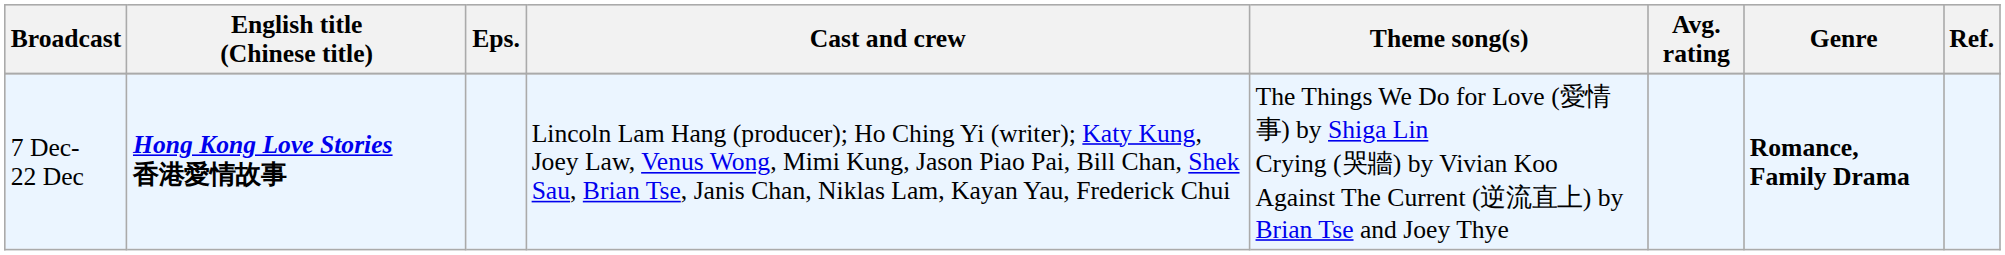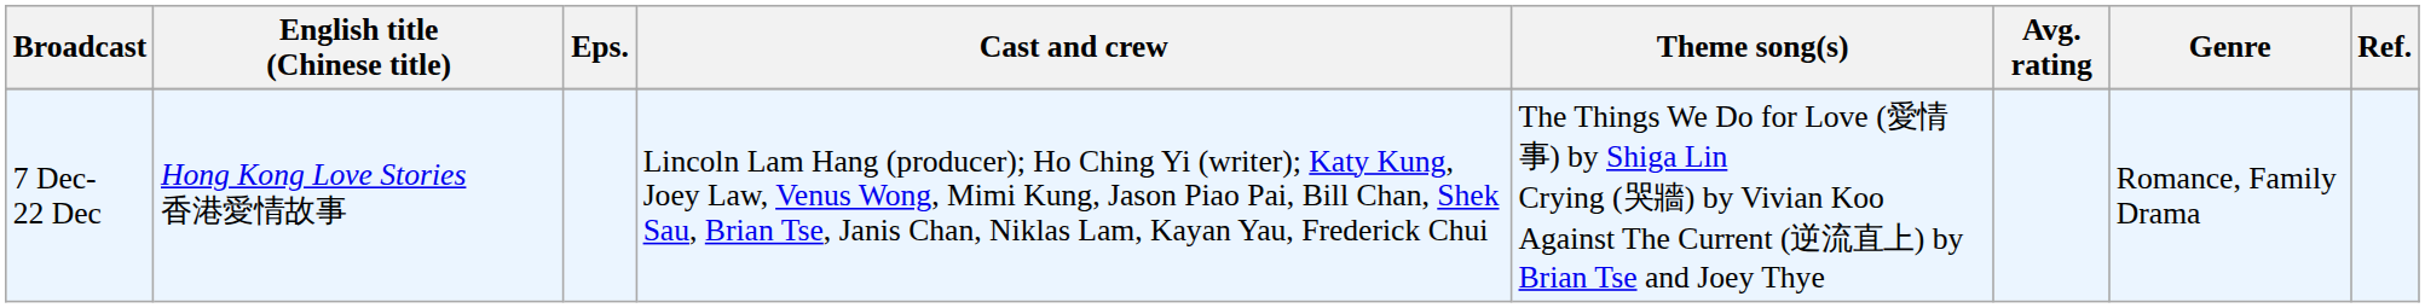 <table class="wikitable sortable">
 <tr>
 <th>Broadcast</th>
 <th style="width:17%;">English title <br> (Chinese title)</th>
 <th>Eps.</th>
 <th>Cast and crew</th>
 <th style="width:20%;">Theme song(s)</th>
 <th>Avg. rating</th>
 <th style="width:10%;">Genre</th>
 <th>Ref.</th>
 </tr>
 <tr>
 </tr>
 <tr --- bgcolor="#ebf5ff">
 <td>7 Dec-<br>22 Dec</td>
-<td><strong><em><a href='#'>Hong Kong Love Stories</a></em> <br>香港愛情故事</strong></td>
+<td><em><a href='#'>Hong Kong Love Stories</a></em> <br>香港愛情故事</td>
 <td></td>
 <td>Lincoln Lam Hang (producer); Ho Ching Yi (writer); <a href='#'>Katy Kung</a>, Joey Law, <a href='#'>Venus Wong</a>, Mimi Kung, Jason Piao Pai, Bill Chan, <a href='#'>Shek Sau</a>, <a href='#'>Brian Tse</a>, Janis Chan, Niklas Lam, Kayan Yau, Frederick Chui</td>
 <td>The Things We Do for Love (愛情事) by <a href='#'>Shiga Lin</a><br>Crying (哭牆) by Vivian Koo<br>Against The Current (逆流直上) by <a href='#'>Brian Tse</a> and Joey Thye</td>
 <td></td>
-<td><strong>Romance, Family Drama</strong></td>
+<td>Romance, Family Drama</td>
 <td></td>
 </tr>
 </table>
